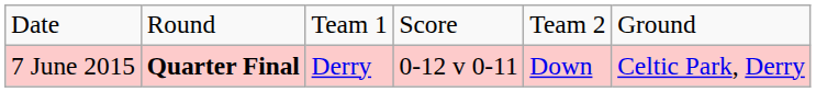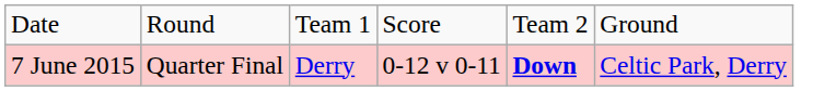 <table class="wikitable">
 <tr>
 <td>Date</td>
 <td>Round</td>
 <td>Team 1</td>
 <td>Score</td>
 <td>Team 2</td>
 <td>Ground</td>
 </tr>
 <tr style="background:#fdcbcb;">
 <td>7 June 2015</td>
-<td><strong>Quarter Final</strong></td>
+<td>Quarter Final</td>
 <td><a href='#'>Derry</a></td>
 <td>0-12 v 0-11</td>
-<td><a href='#'>Down</a></td>
+<td><strong><a href='#'>Down</a></strong></td>
 <td><a href='#'>Celtic Park</a>, <a href='#'>Derry</a></td>
 </tr>
 </table>
